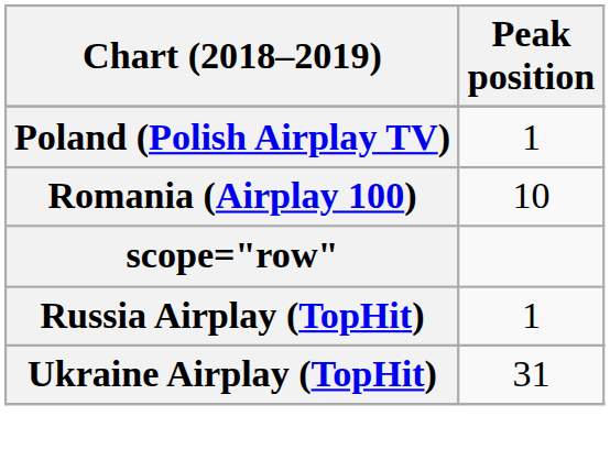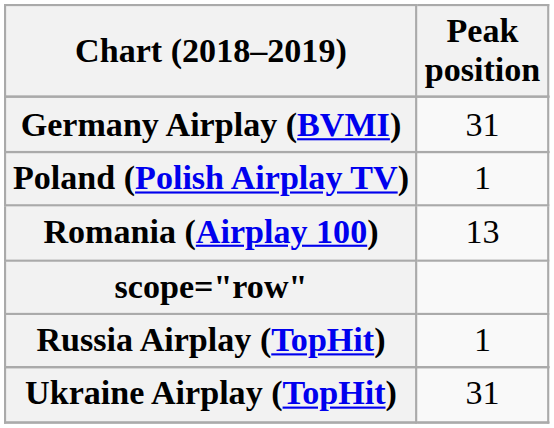 <table class="wikitable sortable plainrowheaders" style="text-align:center">
 <tr>
 <th scope="col">Chart (2018–2019)</th>
 <th scope="col">Peak<br>position</th>
 </tr>
 <tr>
 </tr>
 <tr>
 </tr>
 <tr>
 </tr>
 <tr>
 </tr>
 <tr>
 </tr>
 <tr>
 </tr>
 <tr>
+<th scope="row">Germany Airplay (<a href='#'>BVMI</a>)</th>
+<td>31</td>
+</tr>
+<tr>
 </tr>
 <tr>
 <th scope="row">Poland (<a href='#'>Polish Airplay TV</a>)</th>
 <td>1</td>
 </tr>
 <tr>
 <th scope="row">Romania (<a href='#'>Airplay 100</a>)</th>
-<td>10</td>
+<td>13</td>
 </tr>
 <tr>
 <th>scope="row"</th>
 </tr>
 <tr>
 <th scope="row">Russia Airplay (<a href='#'>TopHit</a>)</th>
 <td>1</td>
 </tr>
 <tr>
 </tr>
 <tr>
 <th scope="row">Ukraine Airplay (<a href='#'>TopHit</a>)</th>
 <td>31</td>
 </tr>
 <tr>
 </tr>
 </table>
